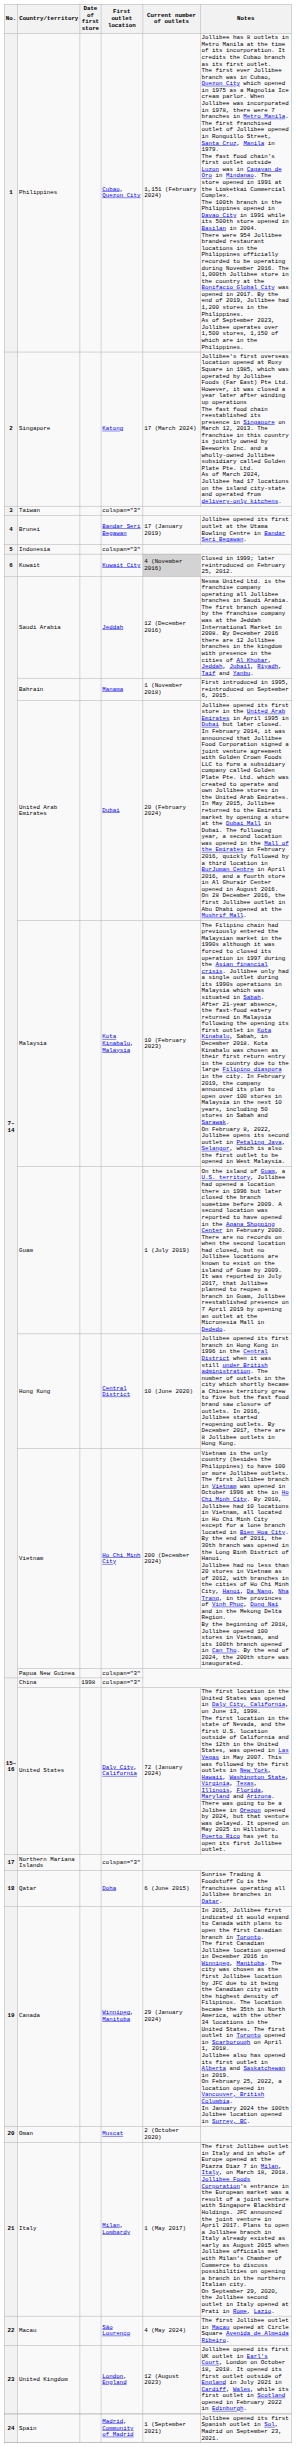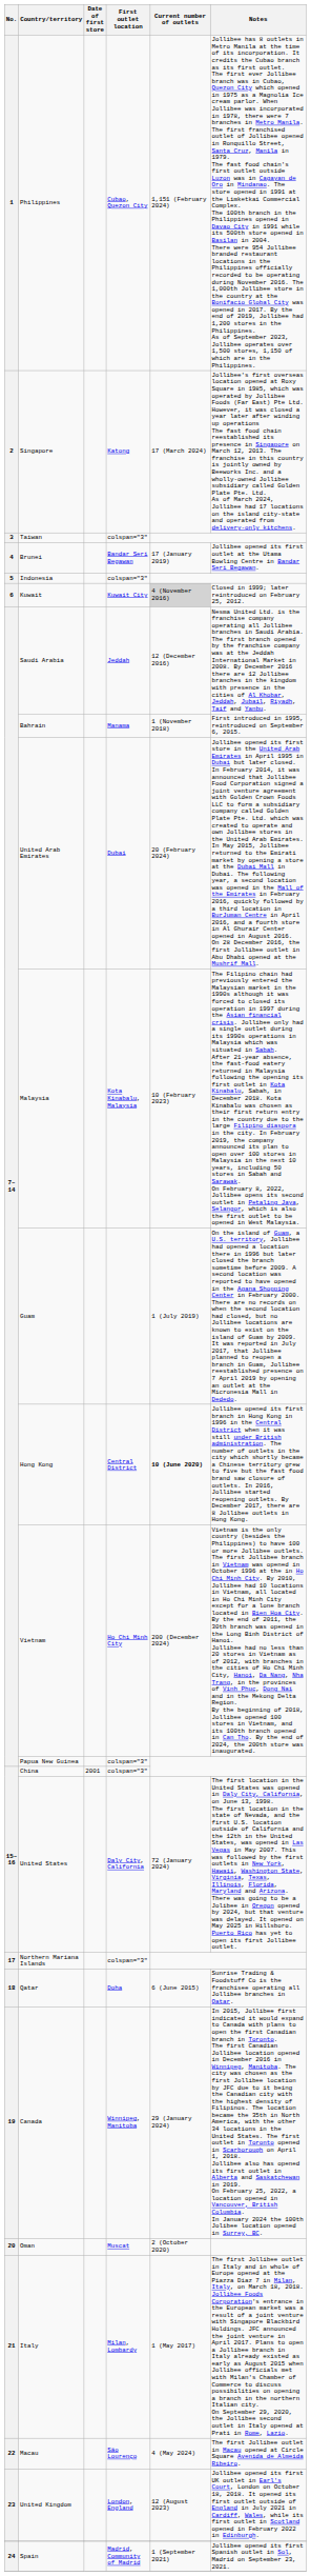 <table class="wikitable sortable" style="font-size:95%;">
 <tr>
 <th scope="col">No.</th>
 <th scope="col">Country/territory</th>
 <th scope="col">Date of first store</th>
 <th scope="col">First outlet location</th>
 <th scope="col" style="width:20%;">Current number of outlets </th>
 <th scope="col" class="unsortable">Notes</th>
 </tr>
 <tr>
 <th scope="row">1</th>
 <td>Philippines</td>
 <td data-sort-value="1978-06"></td>
 <td><a href='#'>Cubao</a>, <a href='#'>Quezon City</a></td>
 <td data-sort-value="1151">1,151 (February 2024)</td>
 <td>Jollibee has 8 outlets in Metro Manila at the time of its incorporation. It credits the Cubao branch as its first outlet.<br>The first ever Jollibee branch was in Cubao, <a href='#'>Quezon City</a> which opened in 1975 as a Magnolia Ice cream parlor. When Jollibee was incorporated in 1978, there were 7 branches in <a href='#'>Metro Manila</a>. The first franchised outlet of Jollibee opened in Ronquillo Street, <a href='#'>Santa Cruz</a>, <a href='#'>Manila</a> in 1979.<br>The fast food chain's first outlet outside <a href='#'>Luzon</a> was in <a href='#'>Cagayan de Oro</a> in <a href='#'>Mindanao</a>. The store opened in 1991 at the Limketkai Commercial Complex.<br>The 100th branch in the Philippines opened in <a href='#'>Davao City</a> in 1991 while its 500th store opened in <a href='#'>Basilan</a> in 2004.<br>There were 954 Jollibee branded restaurant locations in the Philippines officially recorded to be operating during November 2016. The 1,000th Jollibee store in the country at the <a href='#'>Bonifacio Global City</a> was opened in 2017. By the end of 2019, Jollibee had 1,200 stores in the Philippines.<br>As of September 2023, Jollibee operates over 1,500 stores, 1,150 of which are in the Philippines.</td>
 </tr>
 <tr>
 <th scope="row">2</th>
 <td>Singapore</td>
 <td> </td>
 <td><a href='#'>Katong</a></td>
 <td>17 (March 2024)</td>
 <td>Jollibee's first overseas location opened at Roxy Square in 1985, which was operated by Jollibee Foods (Far East) Pte Ltd. However, it was closed a year later after winding up operations <br>The fast food chain reestablished its presence in <a href='#'>Singapore</a> on March 12, 2013. The franchise in this country is jointly owned by Beeworks Inc. and a wholly-owned Jollibee subsidiary called Golden Plate Pte. Ltd. <br>As of March 2024, Jollibee had 17 locations on the island city-state and operated from <a href='#'>delivery-only kitchens</a>.</td>
 </tr>
 <tr>
 <th scope="row">3</th>
 <td>Taiwan</td>
 <td></td>
 <td>colspan="3" </td>
 </tr>
 <tr>
 <th scope="row">4</th>
 <td>Brunei</td>
 <td></td>
 <td><a href='#'>Bandar Seri Begawan</a></td>
 <td>17 (January 2019)</td>
 <td>Jollibee opened its first outlet at the Utama Bowling Centre in <a href='#'>Bandar Seri Begawan</a>.</td>
 </tr>
 <tr>
 <th scope="row">5</th>
 <td>Indonesia</td>
 <td></td>
 <td>colspan="3" </td>
 </tr>
 <tr>
 <th scope="row">6</th>
 <td>Kuwait</td>
 <td></td>
 <td><a href='#'>Kuwait City</a></td>
 <td style="background: lightgrey;">4 (November 2016)</td>
 <td>Closed in 1999; later reintroduced on February 25, 2012.</td>
 </tr>
 <tr>
 <th scope="row" rowspan="8">7–14</th>
 <td>Saudi Arabia</td>
 <td></td>
 <td><a href='#'>Jeddah</a></td>
 <td>12 (December 2016)</td>
 <td>Nesma United Ltd. is the franchise company operating all Jollibee branches in Saudi Arabia. The first branch opened by the franchise company was at the Jeddah International Market in 2008. By December 2016 there are 12 Jollibee branches in the kingdom with presence in the cities of <a href='#'>Al Khobar</a>, <a href='#'>Jeddah</a>, <a href='#'>Jubail</a>, <a href='#'>Riyadh</a>, <a href='#'>Taif</a> and <a href='#'>Yanbu</a>.</td>
 </tr>
 <tr>
 <td>Bahrain</td>
 <td></td>
 <td><a href='#'>Manama</a></td>
 <td>1 (November 2018)</td>
 <td>First introduced in 1995, reintroduced on September 6, 2015.</td>
 </tr>
 <tr>
 <td>United Arab Emirates</td>
 <td></td>
 <td><a href='#'>Dubai</a></td>
 <td>20 (February 2024)</td>
 <td>Jollibee opened its first store in the <a href='#'>United Arab Emirates</a> in April 1995 in <a href='#'>Dubai</a> but later closed. In February 2014, it was announced that Jollibee Food Corporation signed a joint venture agreement with Golden Crown Foods LLC to form a subsidiary company called Golden Plate Pte. Ltd. which was created to operate and own Jollibee stores in the United Arab Emirates. In May 2015, Jollibee returned to the Emirati market by opening a store at the <a href='#'>Dubai Mall</a> in Dubai. The following year, a second location was opened in the <a href='#'>Mall of the Emirates</a> in February 2016, quickly followed by a third location in <a href='#'>BurJuman Centre</a> in April 2016, and a fourth store in Al Ghurair Center opened in August 2016.<br>On 28 December 2016, the first Jollibee outlet in Abu Dhabi opened at the <a href='#'>Mushrif Mall</a>.</td>
 </tr>
 <tr>
 <td>Malaysia</td>
 <td data-sort-value="1990"></td>
 <td><a href='#'>Kota Kinabalu</a>, <a href='#'>Malaysia</a></td>
 <td>10 (February 2023)</td>
 <td>The Filipino chain had previously entered the Malaysian market in the 1990s although it was forced to closed its operation in 1997 during the <a href='#'>Asian financial crisis</a>. Jollibee only had a single outlet during its 1990s operations in Malaysia which was situated in <a href='#'>Sabah</a>.<br>After 21-year absence, the fast-food eatery returned in Malaysia following the opening its first outlet in <a href='#'>Kota Kinabalu</a>, Sabah, in December 2018. Kota Kinabalu was chosen as their first return entry in the country due to the large <a href='#'>Filipino diaspora</a> in the city. In February 2019, the company announced its plan to open over 100 stores in Malaysia in the next 10 years, including 50 stores in Sabah and <a href='#'>Sarawak</a>.<br>On February 8, 2022, Jollibee opens its second outlet in <a href='#'>Petaling Jaya</a>, <a href='#'>Selangor</a>, which is also the first outlet to be opened in West Malaysia.</td>
 </tr>
 <tr>
 <td>Guam</td>
 <td></td>
 <td></td>
 <td>1 (July 2019)</td>
 <td>On the island of <a href='#'>Guam</a>, a <a href='#'>U.S. territory</a>, Jollibee had opened a location there in 1996 but later closed the branch sometime before 2009. A second location was reported to have opened in the <a href='#'>Agana Shopping Center</a> in February 2000. There are no records on when the second location had closed, but no Jollibee locations are known to exist on the island of Guam by 2009.<br>It was reported in July 2017, that Jollibee planned to reopen a branch in Guam, Jollibee reestablished presence on 7 April 2019 by opening an outlet at the Micronesia Mall in <a href='#'>Dededo</a>.</td>
 </tr>
 <tr>
 <td>Hong Kong</td>
 <td></td>
 <td><a href='#'>Central District</a></td>
-<td>10 (June 2020)</td>
+<td><strong>10 (June 2020)</strong></td>
 <td>Jollibee opened its first branch in Hong Kong in 1996 in the <a href='#'>Central District</a> when it was still <a href='#'>under British administration</a>. The number of outlets in the city which shortly became a Chinese territory grew to five but the fast food brand saw closure of outlets. In 2016, Jollibee started reopening outlets. By December 2017, there are 8 Jollibee outlets in Hong Kong.</td>
 </tr>
 <tr>
 <td>Vietnam</td>
 <td></td>
 <td><a href='#'>Ho Chi Minh City</a></td>
 <td>200 (December 2024)</td>
 <td>Vietnam is the only country (besides the Philippines) to have 100 or more Jollibee outlets.<br>The first Jollibee branch in <a href='#'>Vietnam</a> was opened in October 1996 at the  in <a href='#'>Ho Chi Minh City</a>. By 2010, Jollibee had 10 locations in Vietnam, all located in Ho Chi Minh City except for a lone branch located in <a href='#'>Bien Hoa City</a>. By the end of 2011, the 30th branch was opened in the Long Binh District of Hanoi.<br>Jollibee had no less than 20 stores in Vietnam as of 2012, with branches in the cities of Ho Chi Minh City, <a href='#'>Hanoi</a>, <a href='#'>Da Nang</a>, <a href='#'>Nha Trang</a>, in the provinces of <a href='#'>Vinh Phuc</a>, <a href='#'>Dong Nai</a> and in the Mekong Delta Region.<br>By the beginning of 2018, Jollibee opened 100 stores in Vietnam, and its 100th branch opened in <a href='#'>Can Tho</a>. By the end of 2024, the 200th store was inaugurated.</td>
 </tr>
 <tr>
 <td>Papua New Guinea</td>
 <td></td>
 <td>colspan="3" </td>
 </tr>
 <tr>
 <th scope="row" rowspan=2>15–16</th>
 <td>China</td>
-<td>1998</td>
+<td>2001</td>
 <td>colspan="3" </td>
 </tr>
 <tr>
 <td>United States</td>
 <td></td>
 <td><a href='#'>Daly City</a>, <a href='#'>California</a></td>
 <td>72 (January 2024)</td>
 <td>The first location in the United States was opened in <a href='#'>Daly City, California</a>, on June 13, 1998.<br>The first location in the state of Nevada, and the first U.S. location outside of California and the 12th in the United States, was opened in <a href='#'>Las Vegas</a> in May 2007. This was followed by the first outlets in <a href='#'>New York</a>, <a href='#'>Hawaii</a>, <a href='#'>Washington State</a>, <a href='#'>Virginia</a>, <a href='#'>Texas</a>, <a href='#'>Illinois</a>, <a href='#'>Florida</a>, <a href='#'>Maryland</a> and <a href='#'>Arizona</a>.<br>There was going to be a Jolibee in <a href='#'>Oregon</a> opened by 2024, but that venture was delayed. It opened on May 2025 in Hillsboro.<br><a href='#'>Puerto Rico</a> has yet to open its first Jollibee outlet.</td>
 </tr>
 <tr>
 <th scope="row">17</th>
 <td>Northern Mariana Islands</td>
 <td></td>
 <td>colspan="3" </td>
 </tr>
 <tr>
 <th scope="row">18</th>
 <td>Qatar</td>
 <td></td>
 <td><a href='#'>Doha</a></td>
 <td>6 (June 2015)</td>
 <td>Sunrise Trading & Foodstuff Co is the franchisee operating all Jollibee branches in <a href='#'>Qatar</a>.</td>
 </tr>
 <tr>
 <th scope="row">19</th>
 <td>Canada</td>
 <td></td>
 <td><a href='#'>Winnipeg</a>, <a href='#'>Manitoba</a></td>
 <td>29 (January 2024)</td>
 <td>In 2015, Jollibee first indicated it would expand to Canada with plans to open the first Canadian branch in <a href='#'>Toronto</a>.<br>The first Canadian Jollibee location opened in December 2016 in <a href='#'>Winnipeg</a>, <a href='#'>Manitoba</a>. The city was chosen as the first Jollibee location by JFC due to it being the Canadian city with the highest density of Filipinos. The location became the 35th in North America, with the other 34 locations in the United States. The first outlet in <a href='#'>Toronto</a> opened in <a href='#'>Scarborough</a> on April 1, 2018.<br>Jollibee also has opened its first outlet in <a href='#'>Alberta</a> and <a href='#'>Saskatchewan</a> in 2019.<br>On February 25, 2022, a location opened in <a href='#'>Vancouver, British Columbia</a>.<br>In January 2024 the 100th Jolibee location opened in <a href='#'>Surrey, BC</a>.</td>
 </tr>
 <tr>
 <th scope="row">20</th>
 <td>Oman</td>
 <td></td>
 <td><a href='#'>Muscat</a></td>
 <td>2 (October 2020)</td>
 <td></td>
 </tr>
 <tr>
 <th scope="row">21</th>
 <td>Italy</td>
 <td></td>
 <td><a href='#'>Milan</a>, <a href='#'>Lombardy</a></td>
 <td>1 (May 2017)</td>
 <td>The first Jollibee outlet in Italy and in whole of Europe opened at the Piazza Diaz 7 in <a href='#'>Milan</a>, <a href='#'>Italy</a>, on March 18, 2018. <a href='#'>Jollibee Foods Corporation</a>'s entrance in the European market was a result of a joint venture with Singapore Blackbird Holdings. JFC announced the joint venture in April 2017. Plans to open a Jollibee branch in Italy already existed as early as August 2015 when Jollibee officials met with Milan's Chamber of Commerce to discuss possibilities on opening a branch in the northern Italian city.<br>On September 29, 2020, the Jollibee second outlet in Italy opened at Prati in <a href='#'>Rome</a>, <a href='#'>Lazio</a>.</td>
 </tr>
 <tr>
 <th scope="row">22</th>
 <td>Macau</td>
 <td></td>
 <td><a href='#'>São Lourenço</a></td>
 <td>4 (May 2024)</td>
 <td>The first Jollibee outlet in <a href='#'>Macau</a> opened at Circle Square <a href='#'>Avenida de Almeida Ribeiro</a>.</td>
 </tr>
 <tr>
 <th scope="row">23</th>
 <td>United Kingdom</td>
 <td></td>
 <td><a href='#'>London</a>, <a href='#'>England</a></td>
 <td>12 (August 2023)</td>
 <td>Jollibee opened its first UK outlet in <a href='#'>Earl's Court</a>, London on October 18, 2018. It opened its first outlet outside of <a href='#'>England</a> in July 2021 in <a href='#'>Cardiff</a>, <a href='#'>Wales</a>, while its first outlet in <a href='#'>Scotland</a> opened in February 2022 in <a href='#'>Edinburgh</a>.</td>
 </tr>
 <tr>
 </tr>
 <tr>
 <th scope="row">24</th>
 <td>Spain</td>
 <td></td>
 <td><a href='#'>Madrid</a>, <a href='#'>Community of Madrid</a></td>
 <td>1 (September 2021)</td>
 <td>Jollibee opened its first Spanish outlet in <a href='#'>Sol</a>, Madrid on September 23, 2021.</td>
 </tr>
 <tr>
 </tr>
 </table>
